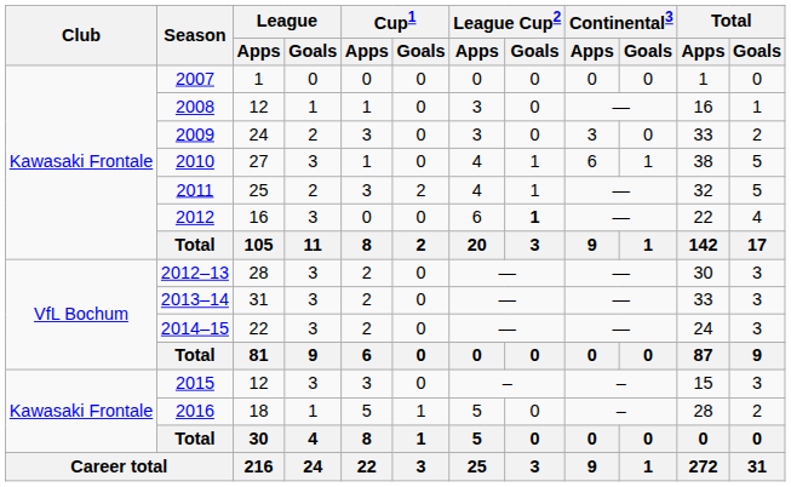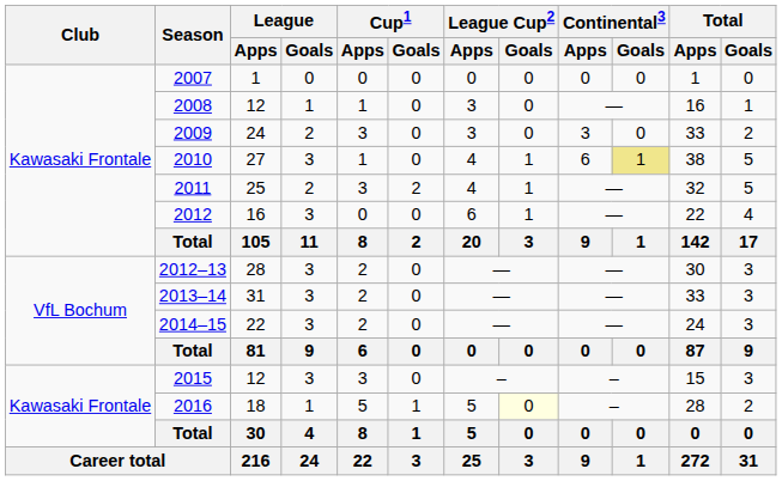 <table class="wikitable" style="text-align:center">
 <tr>
 <th rowspan="2">Club</th>
 <th rowspan="2">Season</th>
 <th colspan="2">League</th>
 <th colspan="2">Cup<sup><a href='#'>1</a></sup></th>
 <th colspan="2">League Cup<sup><a href='#'>2</a></sup></th>
 <th colspan="2">Continental<sup><a href='#'>3</a></sup></th>
 <th colspan="2">Total</th>
 </tr>
 <tr>
 <th>Apps</th>
 <th>Goals</th>
 <th>Apps</th>
 <th>Goals</th>
 <th>Apps</th>
 <th>Goals</th>
 <th>Apps</th>
 <th>Goals</th>
 <th>Apps</th>
 <th>Goals</th>
 </tr>
 <tr>
 <td rowspan="7"><a href='#'>Kawasaki Frontale</a></td>
 <td><a href='#'>2007</a></td>
 <td>1</td>
 <td>0</td>
 <td>0</td>
 <td>0</td>
 <td>0</td>
 <td>0</td>
 <td>0</td>
 <td>0</td>
 <td>1</td>
 <td>0</td>
 </tr>
 <tr>
 <td><a href='#'>2008</a></td>
 <td>12</td>
 <td>1</td>
 <td>1</td>
 <td>0</td>
 <td>3</td>
 <td>0</td>
 <td colspan="2">—</td>
 <td>16</td>
 <td>1</td>
 </tr>
 <tr>
 <td><a href='#'>2009</a></td>
 <td>24</td>
 <td>2</td>
 <td>3</td>
 <td>0</td>
 <td>3</td>
 <td>0</td>
 <td>3</td>
 <td>0</td>
 <td>33</td>
 <td>2</td>
 </tr>
 <tr>
 <td><a href='#'>2010</a></td>
 <td>27</td>
 <td>3</td>
 <td>1</td>
 <td>0</td>
 <td>4</td>
 <td>1</td>
 <td>6</td>
-<td>1</td>
+<td style="background: khaki;">1</td>
 <td>38</td>
 <td>5</td>
 </tr>
 <tr>
 <td><a href='#'>2011</a></td>
 <td>25</td>
 <td>2</td>
 <td>3</td>
 <td>2</td>
 <td>4</td>
 <td>1</td>
 <td colspan="2">—</td>
 <td>32</td>
 <td>5</td>
 </tr>
 <tr>
 <td><a href='#'>2012</a></td>
 <td>16</td>
 <td>3</td>
 <td>0</td>
 <td>0</td>
 <td>6</td>
-<td><strong>1</strong></td>
+<td>1</td>
 <td colspan="2">—</td>
 <td>22</td>
 <td>4</td>
 </tr>
 <tr>
 <th colspan="1">Total</th>
 <th>105</th>
 <th>11</th>
 <th>8</th>
 <th>2</th>
 <th>20</th>
 <th>3</th>
 <th>9</th>
 <th>1</th>
 <th>142</th>
 <th>17</th>
 </tr>
 <tr>
 <td rowspan="4"><a href='#'>VfL Bochum</a></td>
 <td><a href='#'>2012–13</a></td>
 <td>28</td>
 <td>3</td>
 <td>2</td>
 <td>0</td>
 <td colspan="2">—</td>
 <td colspan="2">—</td>
 <td>30</td>
 <td>3</td>
 </tr>
 <tr>
 <td><a href='#'>2013–14</a></td>
 <td>31</td>
 <td>3</td>
 <td>2</td>
 <td>0</td>
 <td colspan="2">—</td>
 <td colspan="2">—</td>
 <td>33</td>
 <td>3</td>
 </tr>
 <tr>
 <td><a href='#'>2014–15</a></td>
 <td>22</td>
 <td>3</td>
 <td>2</td>
 <td>0</td>
 <td colspan="2">—</td>
 <td colspan="2">—</td>
 <td>24</td>
 <td>3</td>
 </tr>
 <tr>
 <th colspan="1">Total</th>
 <th>81</th>
 <th>9</th>
 <th>6</th>
 <th>0</th>
 <th>0</th>
 <th>0</th>
 <th>0</th>
 <th>0</th>
 <th>87</th>
 <th>9</th>
 </tr>
 <tr>
 <td rowspan="3"><a href='#'>Kawasaki Frontale</a></td>
 <td><a href='#'>2015</a></td>
 <td>12</td>
 <td>3</td>
 <td>3</td>
 <td>0</td>
 <td colspan="2">–</td>
 <td colspan="2">–</td>
 <td>15</td>
 <td>3</td>
 </tr>
 <tr>
 <td><a href='#'>2016</a></td>
 <td>18</td>
 <td>1</td>
 <td>5</td>
 <td>1</td>
 <td>5</td>
-<td>0</td>
+<td style="background: lightyellow;">0</td>
 <td colspan="2">–</td>
 <td>28</td>
 <td>2</td>
 </tr>
 <tr>
 <th colspan="1">Total</th>
 <th>30</th>
 <th>4</th>
 <th>8</th>
 <th>1</th>
 <th>5</th>
 <th>0</th>
 <th>0</th>
 <th>0</th>
 <th>0</th>
 <th>0</th>
 </tr>
 <tr>
 <th colspan="2">Career total</th>
 <th>216</th>
 <th>24</th>
 <th>22</th>
 <th>3</th>
 <th>25</th>
 <th>3</th>
 <th>9</th>
 <th>1</th>
 <th>272</th>
 <th>31</th>
 </tr>
 </table>
